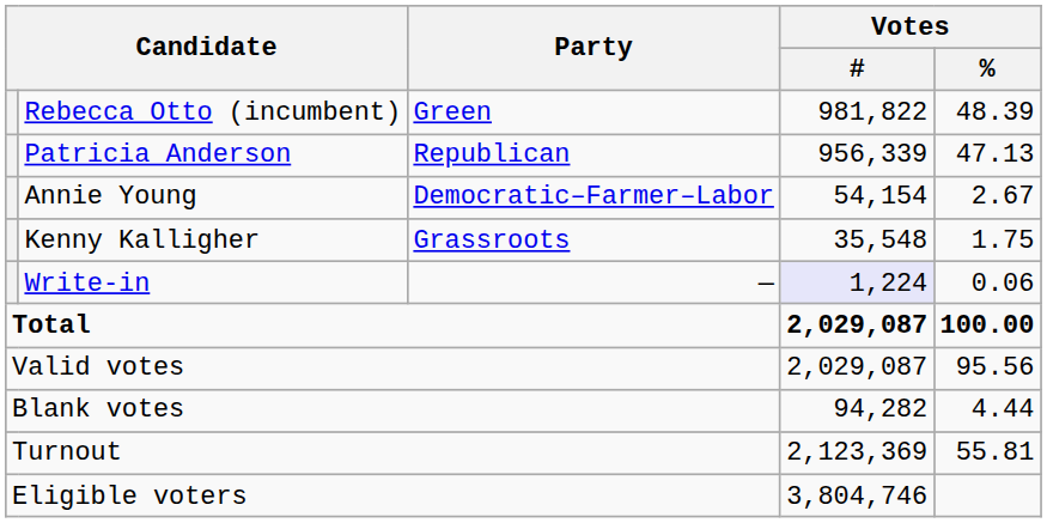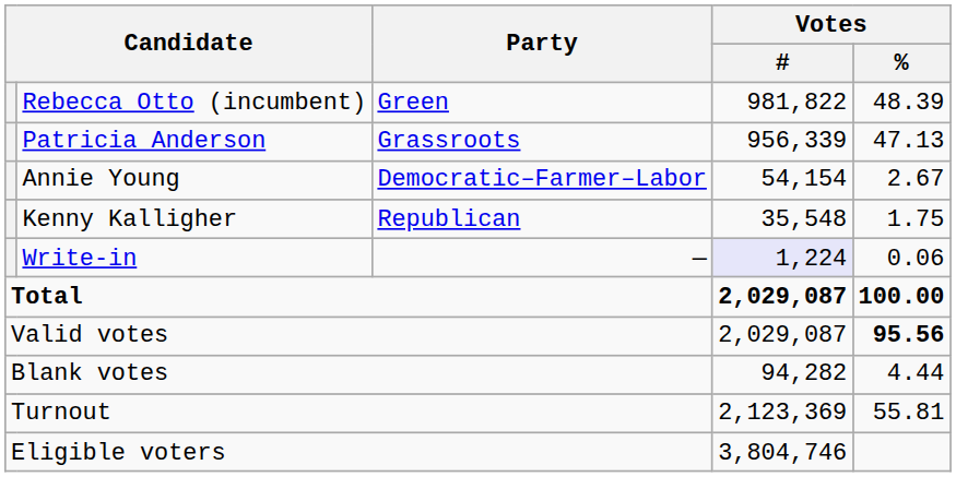 <table class="wikitable">
 <tr>
 <th rowspan="2" colspan="2">Candidate</th>
 <th rowspan="2">Party</th>
 <th colspan="2">Votes</th>
 </tr>
 <tr>
 <th>#</th>
 <th>%</th>
 </tr>
 <tr>
 <th style="background-color:"></th>
 <td><a href='#'>Rebecca Otto</a> (incumbent)</td>
 <td><a href='#'>Green</a></td>
 <td align="right">981,822</td>
 <td align="right">48.39</td>
 </tr>
 <tr>
 <th style="background-color:"></th>
 <td><a href='#'>Patricia Anderson</a></td>
-<td><a href='#'>Republican</a></td>
+<td><a href='#'>Grassroots</a></td>
 <td align="right">956,339</td>
 <td align="right">47.13</td>
 </tr>
 <tr>
 <th style="background-color:"></th>
 <td>Annie Young</td>
 <td><a href='#'>Democratic–Farmer–Labor</a></td>
 <td align="right">54,154</td>
 <td align="right">2.67</td>
 </tr>
 <tr>
 <th style="background-color:"></th>
 <td>Kenny Kalligher</td>
-<td><a href='#'>Grassroots</a></td>
+<td><a href='#'>Republican</a></td>
 <td align="right">35,548</td>
 <td align="right">1.75</td>
 </tr>
 <tr>
 <th style="background-color:"></th>
 <td><a href='#'>Write-in</a></td>
 <td align="right">—</td>
 <td align="right" style="background: lavender;">1,224</td>
 <td align="right">0.06</td>
 </tr>
 <tr>
 <td colspan="3" align="left"><strong>Total</strong></td>
 <td align="right"><strong>2,029,087</strong></td>
 <td align="right"><strong>100.00</strong></td>
 </tr>
 <tr>
 <td colspan="3" align="left">Valid votes</td>
 <td align="right">2,029,087</td>
-<td align="right">95.56</td>
+<td align="right"><strong>95.56</strong></td>
 </tr>
 <tr>
 <td colspan="3" align="left">Blank votes</td>
 <td align="right">94,282</td>
 <td align="right">4.44</td>
 </tr>
 <tr>
 <td colspan="3" align="left">Turnout</td>
 <td align="right">2,123,369</td>
 <td align="right">55.81</td>
 </tr>
 <tr>
 <td colspan="3" align="left">Eligible voters</td>
 <td align="right">3,804,746</td>
 <td align="right"></td>
 </tr>
 </table>
